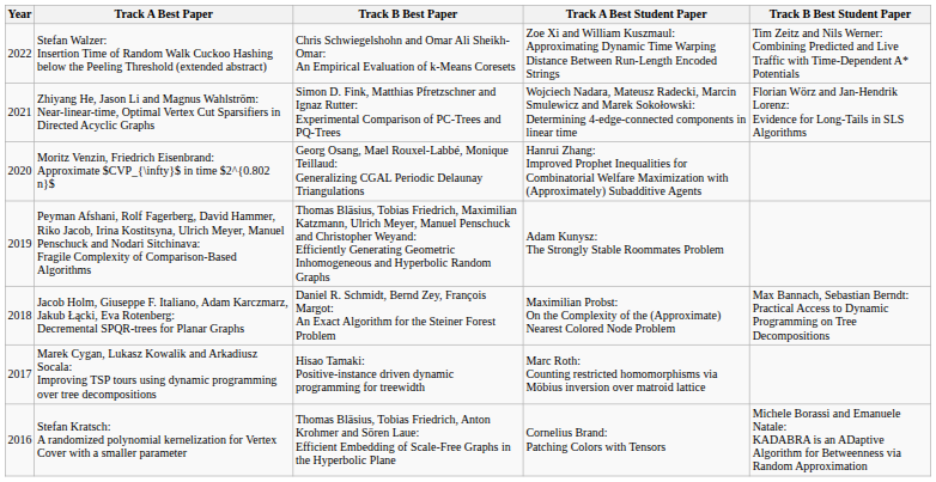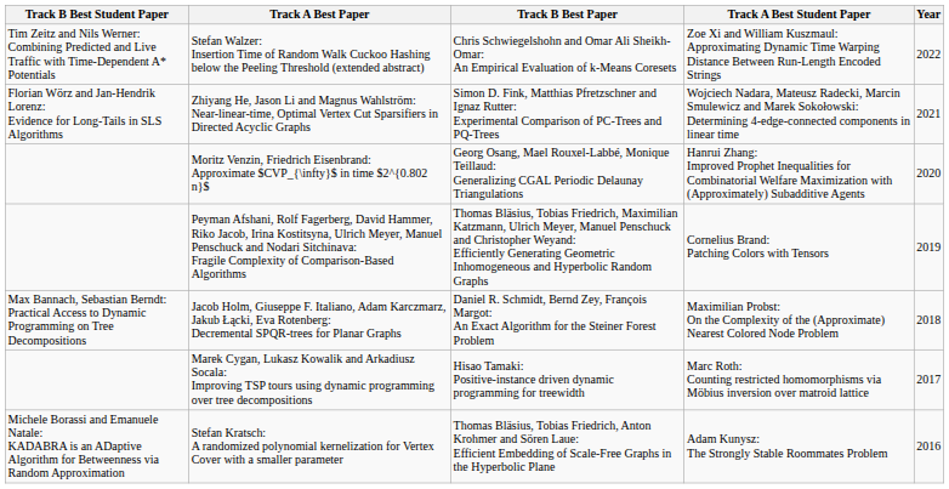 <table class="wikitable">
 <tr>
-<th>Year</th>
+<th>Track B Best Student Paper</th>
 <th>Track A Best Paper</th>
 <th>Track B Best Paper</th>
 <th>Track A Best Student Paper</th>
-<th>Track B Best Student Paper</th>
+<th>Year</th>
 </tr>
 <tr>
-<td>2022</td>
+<td>Tim Zeitz and Nils Werner:<br>Combining Predicted and Live Traffic with Time-Dependent A* Potentials</td>
 <td>Stefan Walzer:<br>Insertion Time of Random Walk Cuckoo Hashing below the Peeling Threshold (extended abstract)</td>
 <td>Chris Schwiegelshohn and Omar Ali Sheikh-Omar:<br>An Empirical Evaluation of k-Means Coresets</td>
 <td>Zoe Xi and William Kuszmaul:<br>Approximating Dynamic Time Warping Distance Between Run-Length Encoded Strings</td>
-<td>Tim Zeitz and Nils Werner:<br>Combining Predicted and Live Traffic with Time-Dependent A* Potentials</td>
+<td>2022</td>
 </tr>
 <tr>
-<td>2021</td>
+<td>Florian Wörz and Jan-Hendrik Lorenz:<br>Evidence for Long-Tails in SLS Algorithms</td>
 <td>Zhiyang He, Jason Li and Magnus Wahlström:<br>Near-linear-time, Optimal Vertex Cut Sparsifiers in Directed Acyclic Graphs</td>
 <td>Simon D. Fink, Matthias Pfretzschner and Ignaz Rutter:<br>Experimental Comparison of PC-Trees and PQ-Trees</td>
 <td>Wojciech Nadara, Mateusz Radecki, Marcin Smulewicz and Marek Sokołowski:<br>Determining 4-edge-connected components in linear time</td>
-<td>Florian Wörz and Jan-Hendrik Lorenz:<br>Evidence for Long-Tails in SLS Algorithms</td>
+<td>2021</td>
 </tr>
 <tr>
-<td>2020</td>
+<td></td>
 <td>Moritz Venzin, Friedrich Eisenbrand:<br>Approximate $CVP_{\infty}$ in time $2^{0.802 n}$</td>
 <td>Georg Osang, Mael Rouxel-Labbé, Monique Teillaud:<br>Generalizing CGAL Periodic Delaunay Triangulations</td>
 <td>Hanrui Zhang:<br>Improved Prophet Inequalities for Combinatorial Welfare Maximization with (Approximately) Subadditive Agents</td>
-<td></td>
+<td>2020</td>
 </tr>
 <tr>
-<td>2019</td>
+<td></td>
 <td>Peyman Afshani, Rolf Fagerberg, David Hammer, Riko Jacob, Irina Kostitsyna, Ulrich Meyer, Manuel Penschuck and Nodari Sitchinava:<br>Fragile Complexity of Comparison-Based Algorithms</td>
 <td>Thomas Bläsius, Tobias Friedrich, Maximilian Katzmann, Ulrich Meyer, Manuel Penschuck and Christopher Weyand:<br>Efficiently Generating Geometric Inhomogeneous and Hyperbolic Random Graphs</td>
-<td>Adam Kunysz:<br>The Strongly Stable Roommates Problem</td>
-<td></td>
+<td>Cornelius Brand:<br>Patching Colors with Tensors</td>
+<td>2019</td>
 </tr>
 <tr>
-<td>2018</td>
+<td>Max Bannach, Sebastian Berndt:<br>Practical Access to Dynamic Programming on Tree Decompositions</td>
 <td>Jacob Holm, Giuseppe F. Italiano, Adam Karczmarz, Jakub Łącki, Eva Rotenberg:<br>Decremental SPQR-trees for Planar Graphs</td>
 <td>Daniel R. Schmidt, Bernd Zey, François Margot:<br>An Exact Algorithm for the Steiner Forest Problem</td>
 <td>Maximilian Probst:<br>On the Complexity of the (Approximate) Nearest Colored Node Problem</td>
-<td>Max Bannach, Sebastian Berndt:<br>Practical Access to Dynamic Programming on Tree Decompositions</td>
+<td>2018</td>
 </tr>
 <tr>
-<td>2017</td>
+<td></td>
 <td>Marek Cygan, Lukasz Kowalik and Arkadiusz Socala:<br>Improving TSP tours using dynamic programming over tree decompositions</td>
 <td>Hisao Tamaki:<br>Positive-instance driven dynamic programming for treewidth</td>
 <td>Marc Roth:<br>Counting restricted homomorphisms via Möbius inversion over matroid lattice</td>
-<td></td>
+<td>2017</td>
 </tr>
 <tr>
-<td>2016</td>
+<td>Michele Borassi and Emanuele Natale:<br>KADABRA is an ADaptive Algorithm for Betweenness via Random Approximation</td>
 <td>Stefan Kratsch:<br>A randomized polynomial kernelization for Vertex Cover with a smaller parameter</td>
 <td>Thomas Bläsius, Tobias Friedrich, Anton Krohmer and Sören Laue:<br>Efficient Embedding of Scale-Free Graphs in the Hyperbolic Plane</td>
-<td>Cornelius Brand:<br>Patching Colors with Tensors</td>
-<td>Michele Borassi and Emanuele Natale:<br>KADABRA is an ADaptive Algorithm for Betweenness via Random Approximation</td>
+<td>Adam Kunysz:<br>The Strongly Stable Roommates Problem</td>
+<td>2016</td>
 </tr>
 </table>
